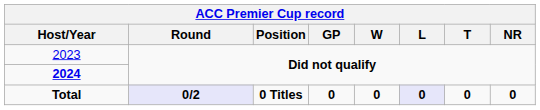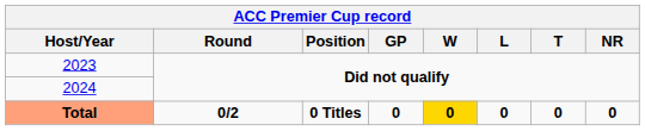 <table class="wikitable" style="text-align: center;">
 <tr>
 <th colspan=8><a href='#'>ACC Premier Cup record</a></th>
 </tr>
 <tr>
 <th width=150>Host/Year</th>
 <th width=150>Round</th>
 <th width=50>Position</th>
 <th width=50>GP</th>
 <th width=50>W</th>
 <th width=50>L</th>
 <th width=50>T</th>
 <th width=50>NR</th>
 </tr>
 <tr>
 <td> <a href='#'>2023</a></td>
 <td colspan=7 rowspan=2><strong>Did not qualify</strong></td>
 </tr>
 <tr>
-<td><strong> <a href='#'>2024</a></strong></td>
+<td> <a href='#'>2024</a></td>
 </tr>
 <tr>
-<td><strong>Total</strong></td>
-<td style="background: lavender;"><strong>0/2</strong></td>
+<td style="background: lightsalmon;"><strong>Total</strong></td>
+<td><strong>0/2</strong></td>
 <td><strong>0 Titles</strong></td>
 <td><strong>0</strong></td>
+<td style="background: gold;"><strong>0</strong></td>
 <td><strong>0</strong></td>
-<td style="background: lavender;"><strong>0</strong></td>
 <td><strong>0</strong></td>
 <td><strong>0</strong></td>
 </tr>
 </table>
